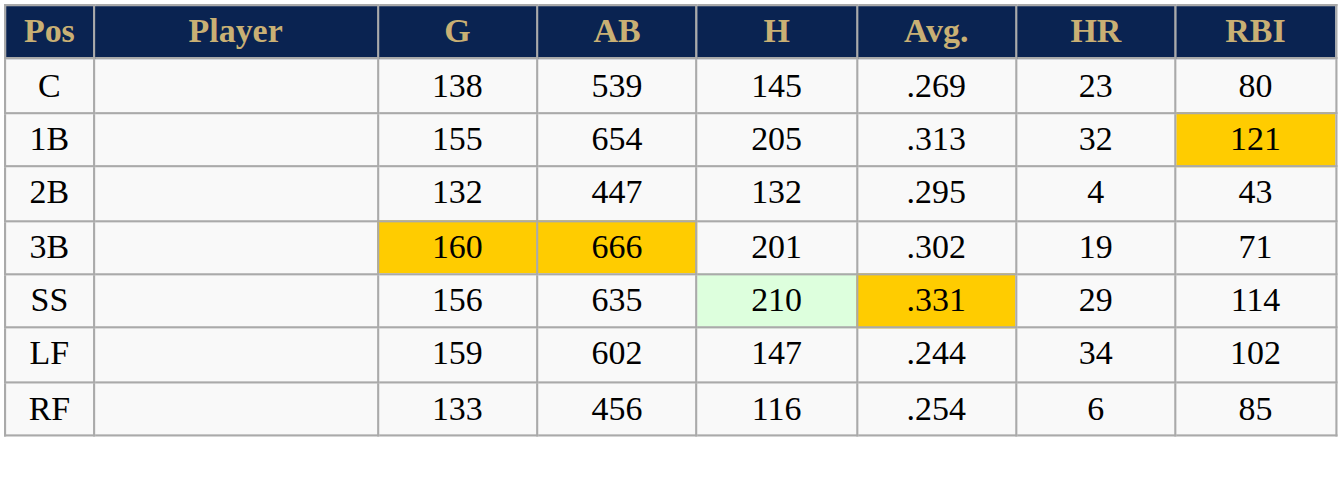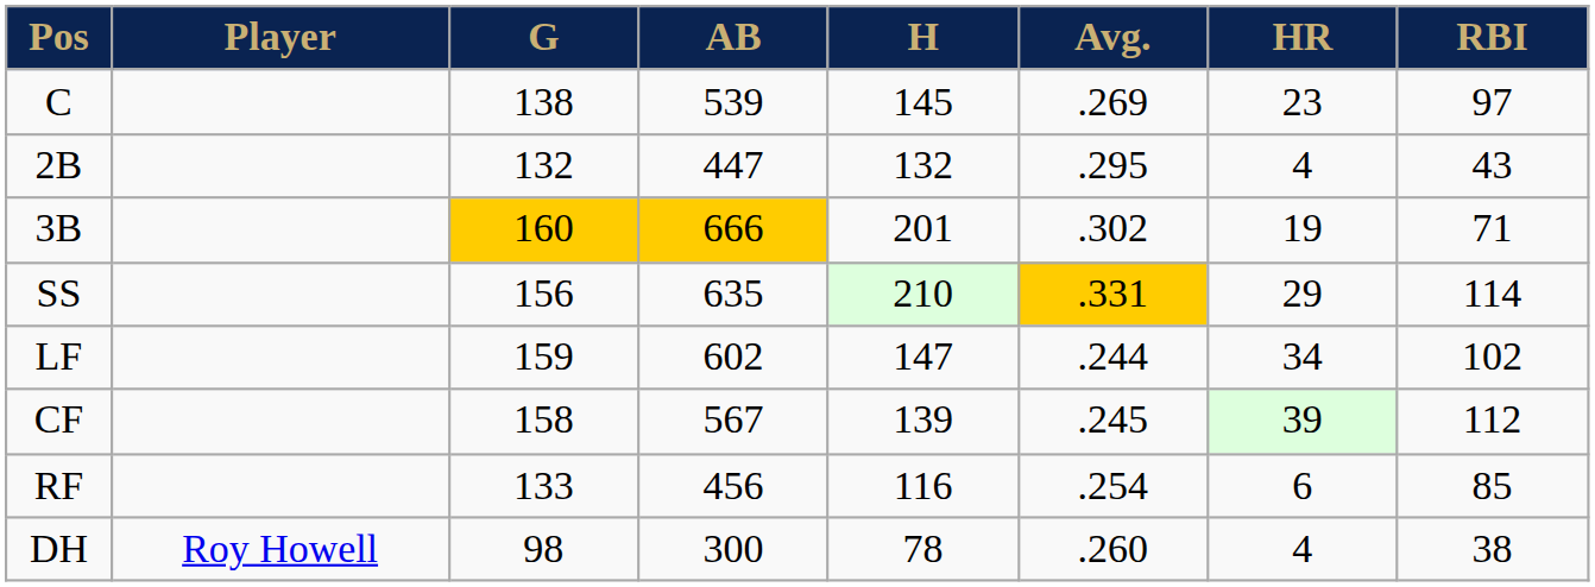 <table class="wikitable sortable">
 <tr>
 <th style="background:#0a2351;color:#c9b074;" width="5%">Pos</th>
 <th style="background:#0a2351;color:#c9b074;" width="16%">Player</th>
 <th style="background:#0a2351;color:#c9b074;" width="9%">G</th>
 <th style="background:#0a2351;color:#c9b074;" width="9%">AB</th>
 <th style="background:#0a2351;color:#c9b074;" width="9%">H</th>
 <th style="background:#0a2351;color:#c9b074;" width="9%">Avg.</th>
 <th style="background:#0a2351;color:#c9b074;" width="9%">HR</th>
 <th style="background:#0a2351;color:#c9b074;" width="9%">RBI</th>
 </tr>
 <tr align="center">
 <td>C</td>
 <td></td>
 <td>138</td>
 <td>539</td>
 <td>145</td>
 <td>.269</td>
 <td>23</td>
-<td>80</td>
-</tr>
-<tr align="center">
-<td>1B</td>
-<td></td>
-<td>155</td>
-<td>654</td>
-<td>205</td>
-<td>.313</td>
-<td>32</td>
-<td style="background:#fc0;">121</td>
+<td>97</td>
 </tr>
 <tr align="center">
 <td>2B</td>
 <td></td>
 <td>132</td>
 <td>447</td>
 <td>132</td>
 <td>.295</td>
 <td>4</td>
 <td>43</td>
 </tr>
 <tr align="center">
 <td>3B</td>
 <td></td>
 <td style="background:#fc0;">160</td>
 <td style="background:#fc0;">666</td>
 <td>201</td>
 <td>.302</td>
 <td>19</td>
 <td>71</td>
 </tr>
 <tr align="center">
 <td>SS</td>
 <td></td>
 <td>156</td>
 <td>635</td>
 <td style="background:#DDFFDD;">210</td>
 <td style="background:#fc0;">.331</td>
 <td>29</td>
 <td>114</td>
 </tr>
 <tr align="center">
 <td>LF</td>
 <td></td>
 <td>159</td>
 <td>602</td>
 <td>147</td>
 <td>.244</td>
 <td>34</td>
 <td>102</td>
 </tr>
 <tr align="center">
+<td>CF</td>
+<td></td>
+<td>158</td>
+<td>567</td>
+<td>139</td>
+<td>.245</td>
+<td style="background:#DDFFDD;">39</td>
+<td>112</td>
+</tr>
+<tr align="center">
 <td>RF</td>
 <td></td>
 <td>133</td>
 <td>456</td>
 <td>116</td>
 <td>.254</td>
 <td>6</td>
 <td>85</td>
 </tr>
+<tr align="center">
+<td>DH</td>
+<td><a href='#'>Roy Howell</a></td>
+<td>98</td>
+<td>300</td>
+<td>78</td>
+<td>.260</td>
+<td>4</td>
+<td>38</td>
+</tr>
 </table>
